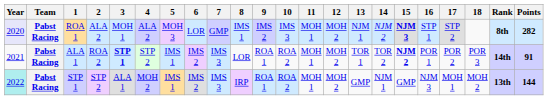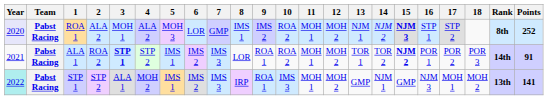 <table class="wikitable" style="text-align:center; font-size:90%">
 <tr>
 <th>Year</th>
 <th>Team</th>
 <th>1</th>
 <th>2</th>
 <th>3</th>
 <th>4</th>
 <th>5</th>
 <th>6</th>
 <th>7</th>
 <th>8</th>
 <th>9</th>
 <th>10</th>
 <th>11</th>
 <th>12</th>
 <th>13</th>
 <th>14</th>
 <th>15</th>
 <th>16</th>
 <th>17</th>
 <th>18</th>
 <th>Rank</th>
 <th>Points</th>
 </tr>
 <tr>
 <td style="background: lavender;"><a href='#'>2020</a></td>
 <th><a href='#'>Pabst Racing</a></th>
 <td style="background:#FFDF9F;"><a href='#'>ROA<br>1</a><br></td>
 <td style="background:#CFEAFF;"><a href='#'>ALA<br>2</a><br></td>
 <td style="background:#CFEAFF;"><a href='#'>MOH<br>1</a><br></td>
 <td style="background:#CFCFFF;"><a href='#'>ALA<br>2</a><br></td>
 <td style="background:#EFCFFF;"><a href='#'>MOH<br>3</a><br></td>
 <td style="background:#CFEAFF;"><a href='#'>LOR</a><br></td>
 <td style="background:#CFCFFF;"><a href='#'>GMP</a><br></td>
 <td style="background:#CFEAFF;"><a href='#'>IMS<br>1</a><br></td>
 <td style="background:#CFCFFF;"><a href='#'>IMS<br>2</a><br></td>
-<td style="background:#CFEAFF;"><a href='#'>IMS<br>3</a><br></td>
+<td style="background:#CFEAFF;"><a href='#'>ROA<br>2</a><br></td>
 <td style="background:#CFEAFF;"><a href='#'>MOH<br>1</a><br></td>
 <td style="background:#CFEAFF;"><a href='#'>MOH<br>2</a><br></td>
 <td style="background:#CFEAFF;"><a href='#'>NJM<br>1</a><br></td>
 <td style="background:#CFEAFF;"><em><a href='#'>NJM<br>2</a></em><br></td>
 <td style="background:#DFDFDF;"><strong><a href='#'>NJM<br>3</a></strong><br></td>
 <td style="background:#CFEAFF;"><a href='#'>STP<br>1</a><br></td>
 <td style="background:#DFDFDF;"><a href='#'>STP<br>2</a><br></td>
 <td></td>
 <th style="background:#CFEAFF;">8th</th>
-<th style="background:#CFEAFF;">282</th>
+<th style="background:#CFEAFF;">252</th>
 </tr>
 <tr>
 <td><a href='#'>2021</a></td>
 <th><a href='#'>Pabst Racing</a></th>
 <td style="background:#CFEAFF;"><a href='#'>ALA<br>1</a><br></td>
 <td style="background:#CFEAFF;"><a href='#'>ROA<br>2</a><br></td>
 <td style="background:#CFEAFF;"><strong><a href='#'>STP<br>1</a><br></strong></td>
 <td style="background:#DFFFDF;"><a href='#'>STP<br>2</a><br></td>
 <td style="background:#CFEAFF;"><a href='#'>IMS<br>1</a><br></td>
 <td style="background:#EFCFFF;"><a href='#'>IMS<br>2</a><br></td>
 <td style="background:#CFEAFF;"><a href='#'>IMS<br>3</a><br></td>
 <td style="background:#;"><a href='#'>LOR</a><br></td>
 <td style="background:#;"><a href='#'>ROA<br>1</a><br></td>
 <td style="background:#;"><a href='#'>ROA<br>2</a><br></td>
 <td style="background:#;"><a href='#'>MOH<br>1</a><br></td>
 <td style="background:#;"><a href='#'>MOH<br>2</a><br></td>
 <td style="background:#;"><a href='#'>TOR<br>1</a><br></td>
 <td style="background:#;"><a href='#'>TOR<br>2</a><br></td>
 <td style="background:#;"><strong><a href='#'>NJM<br>2</a><br></strong></td>
 <td style="background:#;"><a href='#'>POR<br>1</a><br></td>
 <td style="background:#;"><a href='#'>POR<br>2</a><br></td>
 <td style="background:#;"><a href='#'>POR<br>3</a><br></td>
 <th style="background:#CFCFFF;">14th</th>
 <th style="background:#CFCFFF;">91</th>
 </tr>
 <tr>
 <td style="background: paleturquoise;"><a href='#'>2022</a></td>
 <th><a href='#'>Pabst Racing</a></th>
 <td style="background:#CFCFFF;"><a href='#'>STP<br>1</a><br></td>
 <td style="background:#EFCFFF;"><a href='#'>STP<br>2</a><br></td>
 <td style="background:#DFDFDF;"><a href='#'>ALA<br>1</a><br></td>
 <td style="background:#CFCFFF;"><a href='#'>MOH<br>2</a><br></td>
 <td style="background:#FFDF9F;"><a href='#'>IMS<br>1</a><br></td>
 <td style="background:#DFDFDF;"><a href='#'>IMS<br>2</a><br></td>
 <td style="background:#CFEAFF;"><a href='#'>IMS<br>3</a><br></td>
 <td style="background:#EFCFFF;"><a href='#'>IRP</a><br></td>
 <td style="background:#CFEAFF;"><a href='#'>ROA<br>1</a><br></td>
-<td style="background:#CFEAFF;"><a href='#'>ROA<br>2</a><br></td>
+<td style="background:#CFEAFF;"><a href='#'>IMS<br>3</a><br></td>
 <td style="background:#;"><a href='#'>MOH<br>1</a><br></td>
 <td style="background:#;"><a href='#'>MOH<br>2</a><br></td>
 <td style="background:#;"><a href='#'>GMP</a><br></td>
 <td style="background:#;"><a href='#'>NJM<br>1</a><br></td>
 <td style="background:#;"><a href='#'>GMP</a><br></td>
 <td style="background:#;"><a href='#'>NJM<br>3</a><br></td>
 <td style="background:#;"><a href='#'>MOH<br>1</a><br></td>
 <td style="background:#;"><a href='#'>MOH<br>2</a><br></td>
 <th style="background:#CFCFFF;">13th</th>
-<th style="background:#CFCFFF;">144</th>
+<th style="background:#CFCFFF;">141</th>
 </tr>
 </table>
